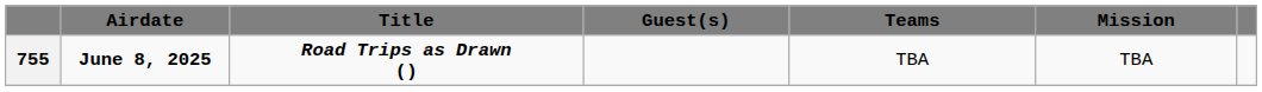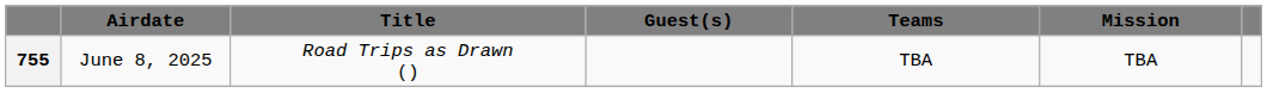 <table class="wikitable" style="text-align:center; width:100%">
 <tr>
 <th scope="col" style="background:#808080; width:3em"></th>
 <th scope="col" style="background:#808080; width:12em">Airdate </th>
 <th scope="col" style="background:#808080; width:30em">Title</th>
 <th scope="col" style="background:#808080; width:15em">Guest(s)<br></th>
 <th scope="col" style="background:#808080; width:20em">Teams</th>
 <th scope="col" style="background:#808080; width:15em">Mission</th>
 <th scope="col" style="background:#808080; width:1em"> </th>
 </tr>
 <tr>
 <th scope="col">755</th>
-<td><strong>June 8, 2025</strong></td>
-<td><strong><em>Road Trips as Drawn</em><br>()</strong></td>
+<td>June 8, 2025</td>
+<td><em>Road Trips as Drawn</em><br>()</td>
 <td></td>
 <td>TBA</td>
 <td>TBA</td>
 <td></td>
 </tr>
 <tr>
 </tr>
 </table>
